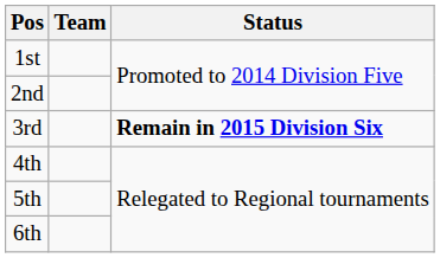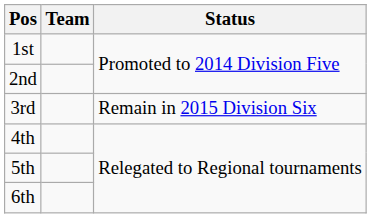 <table class="wikitable">
 <tr>
 <th>Pos</th>
 <th>Team</th>
 <th>Status</th>
 </tr>
 <tr>
 <td align="center">1st</td>
 <td></td>
 <td rowspan=2>Promoted to <a href='#'>2014 Division Five</a></td>
 </tr>
 <tr>
 <td align="center">2nd</td>
 <td></td>
 </tr>
 <tr>
 <td align="center">3rd</td>
 <td></td>
-<td><strong>Remain in <a href='#'>2015 Division Six</a></strong></td>
+<td>Remain in <a href='#'>2015 Division Six</a></td>
 </tr>
 <tr>
 <td align="center">4th</td>
 <td></td>
 <td rowspan=3>Relegated to Regional tournaments</td>
 </tr>
 <tr>
 <td align="center">5th</td>
 <td></td>
 </tr>
 <tr>
 <td align="center">6th</td>
 <td></td>
 </tr>
 </table>
